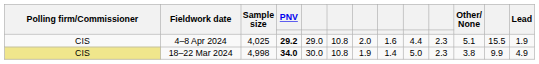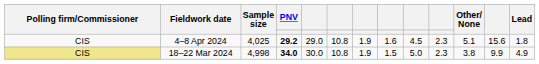 <table class="wikitable collapsible collapsed" style="text-align:center; font-size:90%; line-height:14px;">
 <tr style="height:42px;">
 <th style="width:250px;" rowspan="2">Polling firm/Commissioner</th>
 <th style="width:125px;" rowspan="2">Fieldwork date</th>
 <th style="width:50px;" rowspan="2">Sample size</th>
 <th style="width:35px;"><a href='#'>PNV</a></th>
 <th style="width:35px;"></th>
 <th style="width:35px;"></th>
 <th style="width:35px;"></th>
 <th style="width:35px;"></th>
 <th style="width:35px;"></th>
 <th style="width:35px;"></th>
 <th style="width:35px;" rowspan="2">Other/<br>None</th>
 <th style="width:35px;" rowspan="2"></th>
 <th style="width:30px;" rowspan="2">Lead</th>
 </tr>
 <tr>
 <th style="color:inherit;background:"></th>
 <th style="color:inherit;background:"></th>
 <th style="color:inherit;background:"></th>
 <th style="color:inherit;background:"></th>
 <th style="color:inherit;background:"></th>
 <th style="color:inherit;background:"></th>
 <th style="color:inherit;background:"></th>
 </tr>
 <tr>
 <td>CIS</td>
 <td>4–8 Apr 2024</td>
 <td>4,025</td>
 <td><strong>29.2</strong></td>
 <td>29.0</td>
 <td>10.8</td>
-<td>2.0</td>
+<td>1.9</td>
 <td>1.6</td>
-<td>4.4</td>
+<td>4.5</td>
 <td>2.3</td>
 <td>5.1</td>
-<td>15.5</td>
-<td style="background:">1.9</td>
+<td>15.6</td>
+<td style="background:">1.8</td>
 </tr>
 <tr>
 <td style="background: khaki;">CIS</td>
 <td>18–22 Mar 2024</td>
 <td>4,998</td>
 <td><strong>34.0</strong></td>
 <td>30.0</td>
 <td>10.8</td>
 <td>1.9</td>
-<td>1.4</td>
+<td>1.5</td>
 <td>5.0</td>
 <td>2.3</td>
 <td>3.8</td>
 <td>9.9</td>
 <td style="background:">4.9</td>
 </tr>
 </table>
